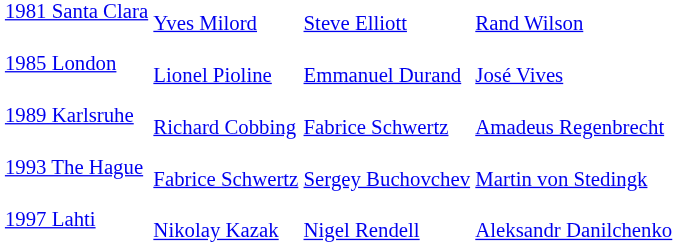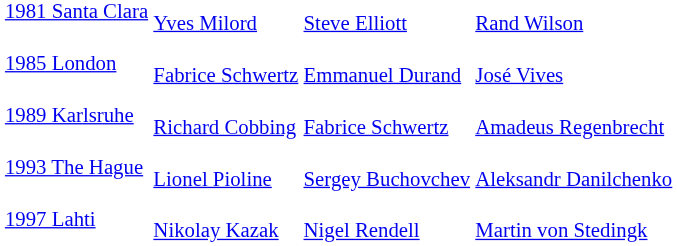 <table>
 <tr>
 <td><a href='#'>1981 Santa Clara</a></td>
 <td><br> <a href='#'>Yves Milord</a></td>
 <td><br> <a href='#'>Steve Elliott</a></td>
 <td><br> <a href='#'>Rand Wilson</a></td>
 </tr>
 <tr>
 <td><a href='#'>1985 London</a></td>
-<td><br> <a href='#'>Lionel Pioline</a></td>
+<td><br> <a href='#'>Fabrice Schwertz</a></td>
 <td><br> <a href='#'>Emmanuel Durand</a></td>
 <td><br> <a href='#'>José Vives</a></td>
 </tr>
 <tr>
 <td><a href='#'>1989 Karlsruhe</a></td>
 <td><br> <a href='#'>Richard Cobbing</a></td>
 <td><br> <a href='#'>Fabrice Schwertz</a></td>
 <td><br> <a href='#'>Amadeus Regenbrecht</a></td>
 </tr>
 <tr>
 <td><a href='#'>1993 The Hague</a></td>
-<td><br> <a href='#'>Fabrice Schwertz</a></td>
+<td><br> <a href='#'>Lionel Pioline</a></td>
 <td><br> <a href='#'>Sergey Buchovchev</a></td>
-<td><br> <a href='#'>Martin von Stedingk</a></td>
+<td><br> <a href='#'>Aleksandr Danilchenko</a></td>
 </tr>
 <tr>
 <td><a href='#'>1997 Lahti</a></td>
 <td><br> <a href='#'>Nikolay Kazak</a></td>
 <td><br> <a href='#'>Nigel Rendell</a></td>
-<td><br> <a href='#'>Aleksandr Danilchenko</a></td>
+<td><br> <a href='#'>Martin von Stedingk</a></td>
 </tr>
 </table>
